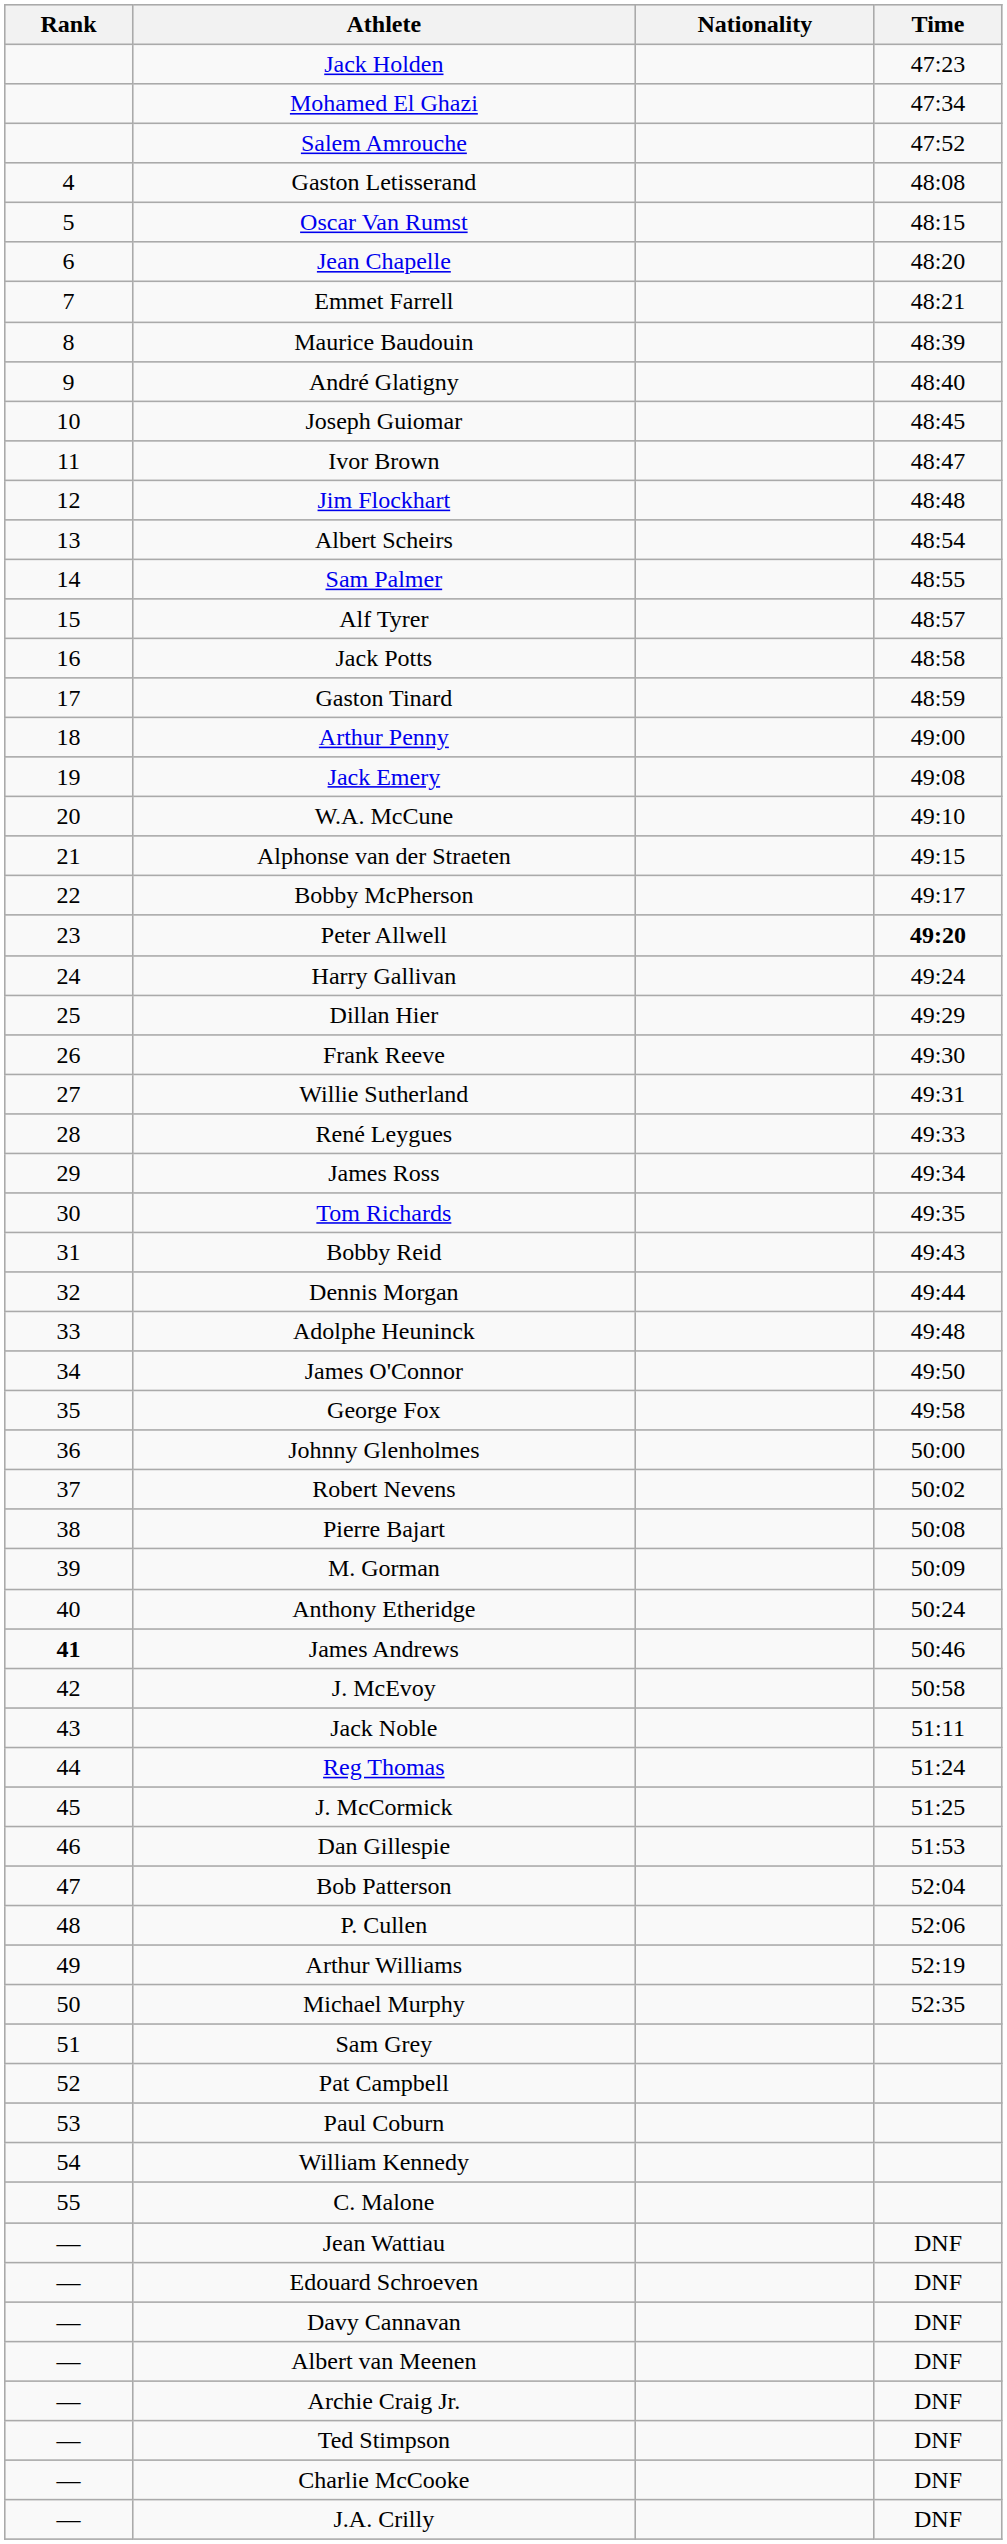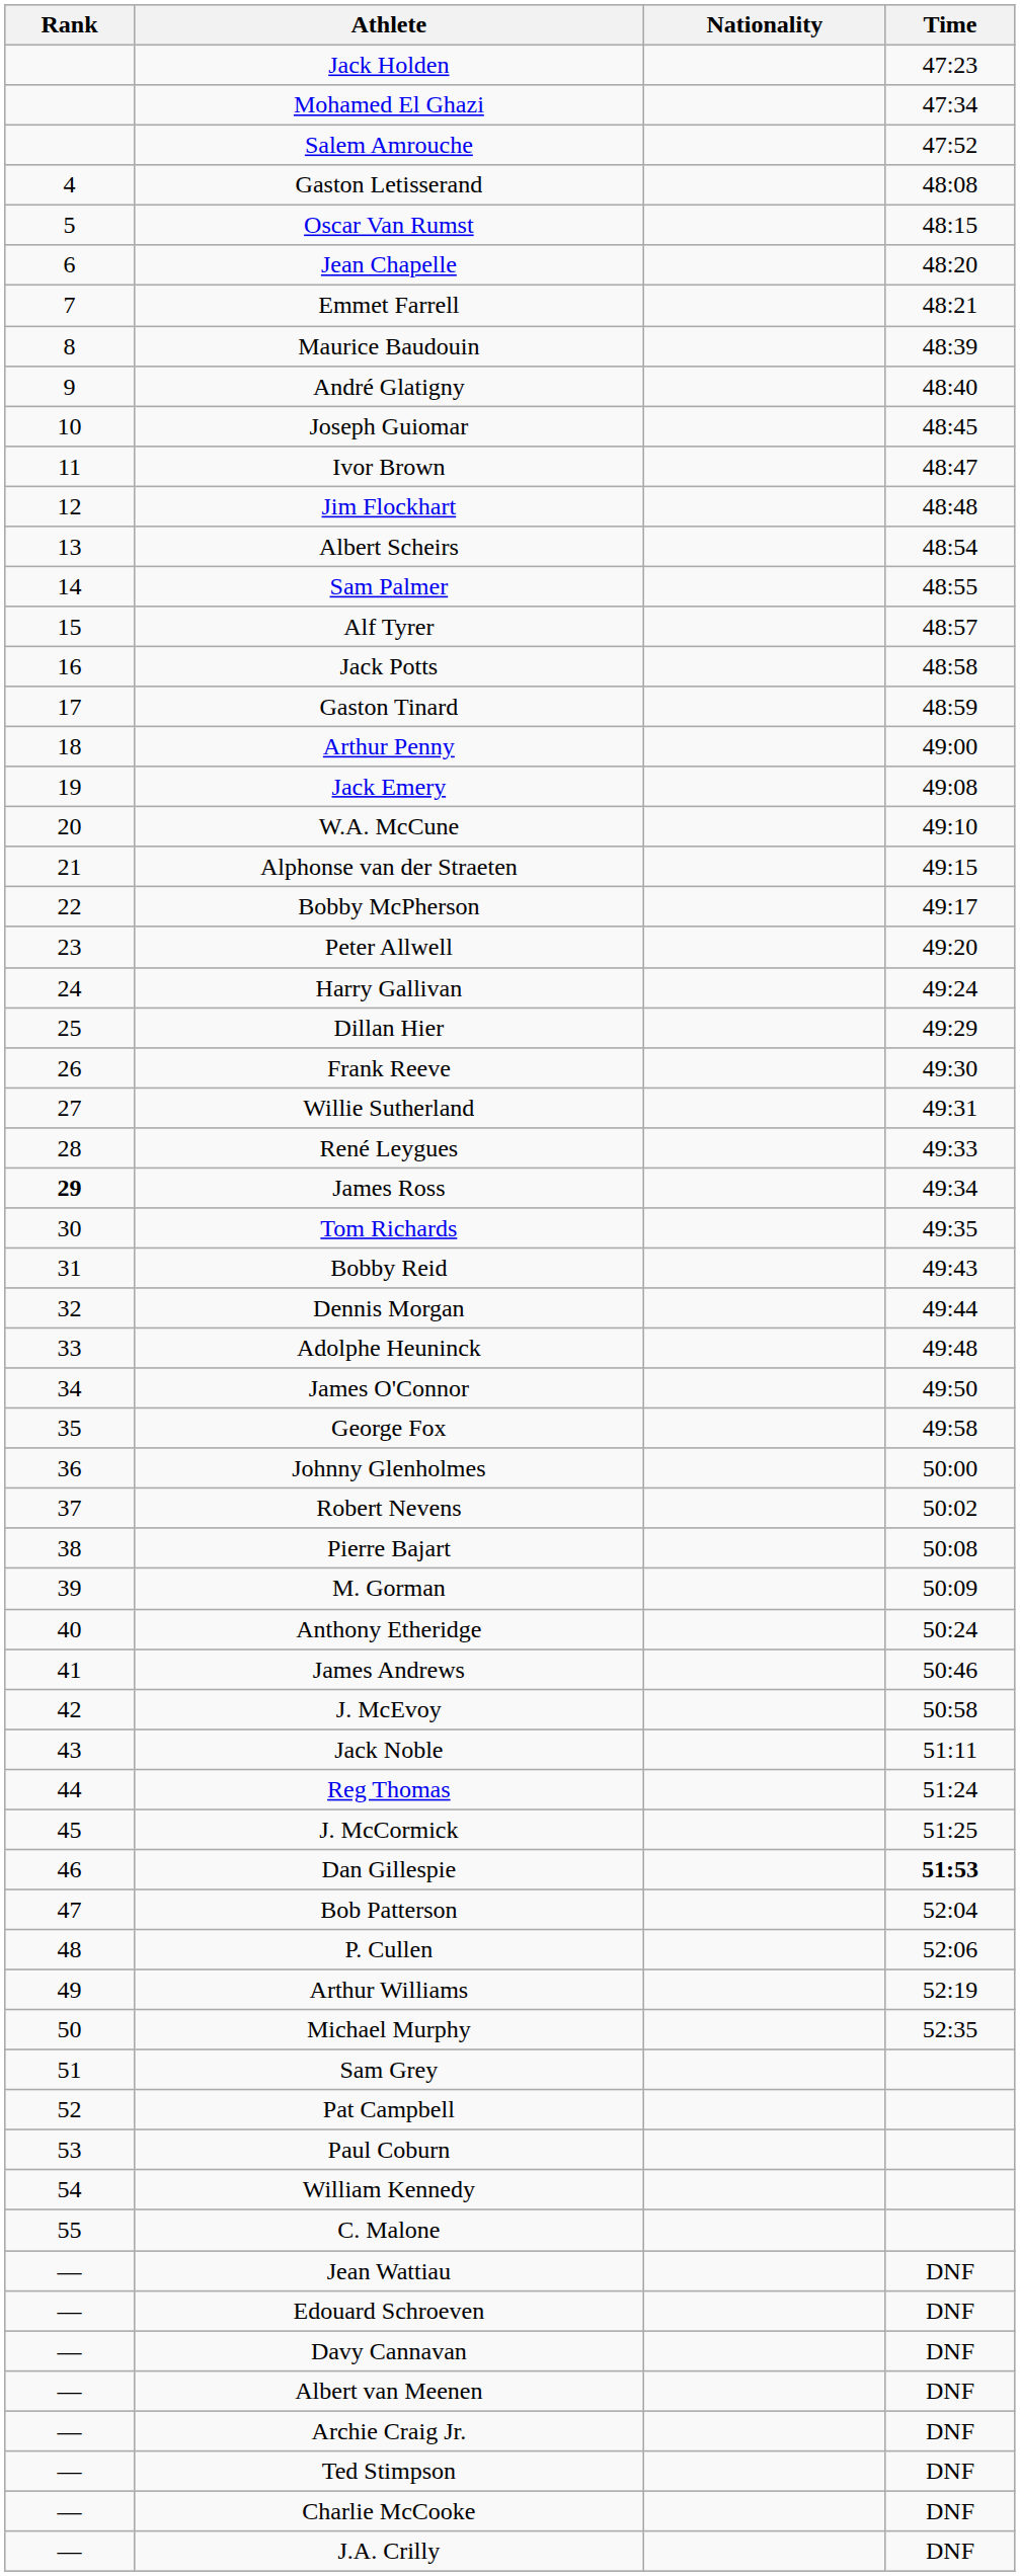 <table class="wikitable sortable" style=" text-align:center; font-size:95%;" width="50%">
 <tr>
 <th>Rank</th>
 <th>Athlete</th>
 <th>Nationality</th>
 <th>Time</th>
 </tr>
 <tr>
 <td align=center></td>
 <td><a href='#'>Jack Holden</a></td>
 <td></td>
 <td>47:23</td>
 </tr>
 <tr>
 <td align=center></td>
 <td><a href='#'>Mohamed El Ghazi</a></td>
 <td></td>
 <td>47:34</td>
 </tr>
 <tr>
 <td align=center></td>
 <td><a href='#'>Salem Amrouche</a></td>
 <td></td>
 <td>47:52</td>
 </tr>
 <tr>
 <td align=center>4</td>
 <td>Gaston Letisserand</td>
 <td></td>
 <td>48:08</td>
 </tr>
 <tr>
 <td align=center>5</td>
 <td><a href='#'>Oscar Van Rumst</a></td>
 <td></td>
 <td>48:15</td>
 </tr>
 <tr>
 <td align=center>6</td>
 <td><a href='#'>Jean Chapelle</a></td>
 <td></td>
 <td>48:20</td>
 </tr>
 <tr>
 <td align=center>7</td>
 <td>Emmet Farrell</td>
 <td></td>
 <td>48:21</td>
 </tr>
 <tr>
 <td align=center>8</td>
 <td>Maurice Baudouin</td>
 <td></td>
 <td>48:39</td>
 </tr>
 <tr>
 <td align=center>9</td>
 <td>André Glatigny</td>
 <td></td>
 <td>48:40</td>
 </tr>
 <tr>
 <td align=center>10</td>
 <td>Joseph Guiomar</td>
 <td></td>
 <td>48:45</td>
 </tr>
 <tr>
 <td align=center>11</td>
 <td>Ivor Brown</td>
 <td></td>
 <td>48:47</td>
 </tr>
 <tr>
 <td align=center>12</td>
 <td><a href='#'>Jim Flockhart</a></td>
 <td></td>
 <td>48:48</td>
 </tr>
 <tr>
 <td align=center>13</td>
 <td>Albert Scheirs</td>
 <td></td>
 <td>48:54</td>
 </tr>
 <tr>
 <td align=center>14</td>
 <td><a href='#'>Sam Palmer</a></td>
 <td></td>
 <td>48:55</td>
 </tr>
 <tr>
 <td align=center>15</td>
 <td>Alf Tyrer</td>
 <td></td>
 <td>48:57</td>
 </tr>
 <tr>
 <td align=center>16</td>
 <td>Jack Potts</td>
 <td></td>
 <td>48:58</td>
 </tr>
 <tr>
 <td align=center>17</td>
 <td>Gaston Tinard</td>
 <td></td>
 <td>48:59</td>
 </tr>
 <tr>
 <td align=center>18</td>
 <td><a href='#'>Arthur Penny</a></td>
 <td></td>
 <td>49:00</td>
 </tr>
 <tr>
 <td align=center>19</td>
 <td><a href='#'>Jack Emery</a></td>
 <td></td>
 <td>49:08</td>
 </tr>
 <tr>
 <td align=center>20</td>
 <td>W.A. McCune</td>
 <td></td>
 <td>49:10</td>
 </tr>
 <tr>
 <td align=center>21</td>
 <td>Alphonse van der Straeten</td>
 <td></td>
 <td>49:15</td>
 </tr>
 <tr>
 <td align=center>22</td>
 <td>Bobby McPherson</td>
 <td></td>
 <td>49:17</td>
 </tr>
 <tr>
 <td align=center>23</td>
 <td>Peter Allwell</td>
 <td></td>
-<td><strong>49:20</strong></td>
+<td>49:20</td>
 </tr>
 <tr>
 <td align=center>24</td>
 <td>Harry Gallivan</td>
 <td></td>
 <td>49:24</td>
 </tr>
 <tr>
 <td align=center>25</td>
 <td>Dillan Hier</td>
 <td></td>
 <td>49:29</td>
 </tr>
 <tr>
 <td align=center>26</td>
 <td>Frank Reeve</td>
 <td></td>
 <td>49:30</td>
 </tr>
 <tr>
 <td align=center>27</td>
 <td>Willie Sutherland</td>
 <td></td>
 <td>49:31</td>
 </tr>
 <tr>
 <td align=center>28</td>
 <td>René Leygues</td>
 <td></td>
 <td>49:33</td>
 </tr>
 <tr>
-<td align=center>29</td>
+<td align=center><strong>29</strong></td>
 <td>James Ross</td>
 <td></td>
 <td>49:34</td>
 </tr>
 <tr>
 <td align=center>30</td>
 <td><a href='#'>Tom Richards</a></td>
 <td></td>
 <td>49:35</td>
 </tr>
 <tr>
 <td align=center>31</td>
 <td>Bobby Reid</td>
 <td></td>
 <td>49:43</td>
 </tr>
 <tr>
 <td align=center>32</td>
 <td>Dennis Morgan</td>
 <td></td>
 <td>49:44</td>
 </tr>
 <tr>
 <td align=center>33</td>
 <td>Adolphe Heuninck</td>
 <td></td>
 <td>49:48</td>
 </tr>
 <tr>
 <td align=center>34</td>
 <td>James O'Connor</td>
 <td></td>
 <td>49:50</td>
 </tr>
 <tr>
 <td align=center>35</td>
 <td>George Fox</td>
 <td></td>
 <td>49:58</td>
 </tr>
 <tr>
 <td align=center>36</td>
 <td>Johnny Glenholmes</td>
 <td></td>
 <td>50:00</td>
 </tr>
 <tr>
 <td align=center>37</td>
 <td>Robert Nevens</td>
 <td></td>
 <td>50:02</td>
 </tr>
 <tr>
 <td align=center>38</td>
 <td>Pierre Bajart</td>
 <td></td>
 <td>50:08</td>
 </tr>
 <tr>
 <td align=center>39</td>
 <td>M. Gorman</td>
 <td></td>
 <td>50:09</td>
 </tr>
 <tr>
 <td align=center>40</td>
 <td>Anthony Etheridge</td>
 <td></td>
 <td>50:24</td>
 </tr>
 <tr>
-<td align=center><strong>41</strong></td>
+<td align=center>41</td>
 <td>James Andrews</td>
 <td></td>
 <td>50:46</td>
 </tr>
 <tr>
 <td align=center>42</td>
 <td>J. McEvoy</td>
 <td></td>
 <td>50:58</td>
 </tr>
 <tr>
 <td align=center>43</td>
 <td>Jack Noble</td>
 <td></td>
 <td>51:11</td>
 </tr>
 <tr>
 <td align=center>44</td>
 <td><a href='#'>Reg Thomas</a></td>
 <td></td>
 <td>51:24</td>
 </tr>
 <tr>
 <td align=center>45</td>
 <td>J. McCormick</td>
 <td></td>
 <td>51:25</td>
 </tr>
 <tr>
 <td align=center>46</td>
 <td>Dan Gillespie</td>
 <td></td>
-<td>51:53</td>
+<td><strong>51:53</strong></td>
 </tr>
 <tr>
 <td align=center>47</td>
 <td>Bob Patterson</td>
 <td></td>
 <td>52:04</td>
 </tr>
 <tr>
 <td align=center>48</td>
 <td>P. Cullen</td>
 <td></td>
 <td>52:06</td>
 </tr>
 <tr>
 <td align=center>49</td>
 <td>Arthur Williams</td>
 <td></td>
 <td>52:19</td>
 </tr>
 <tr>
 <td align=center>50</td>
 <td>Michael Murphy</td>
 <td></td>
 <td>52:35</td>
 </tr>
 <tr>
 <td align=center>51</td>
 <td>Sam Grey</td>
 <td></td>
 <td></td>
 </tr>
 <tr>
 <td align=center>52</td>
 <td>Pat Campbell</td>
 <td></td>
 <td></td>
 </tr>
 <tr>
 <td align=center>53</td>
 <td>Paul Coburn</td>
 <td></td>
 <td></td>
 </tr>
 <tr>
 <td align=center>54</td>
 <td>William Kennedy</td>
 <td></td>
 <td></td>
 </tr>
 <tr>
 <td align=center>55</td>
 <td>C. Malone</td>
 <td></td>
 <td></td>
 </tr>
 <tr>
 <td align=center>—</td>
 <td>Jean Wattiau</td>
 <td></td>
 <td>DNF</td>
 </tr>
 <tr>
 <td align=center>—</td>
 <td>Edouard Schroeven</td>
 <td></td>
 <td>DNF</td>
 </tr>
 <tr>
 <td align=center>—</td>
 <td>Davy Cannavan</td>
 <td></td>
 <td>DNF</td>
 </tr>
 <tr>
 <td align=center>—</td>
 <td>Albert van Meenen</td>
 <td></td>
 <td>DNF</td>
 </tr>
 <tr>
 <td align=center>—</td>
 <td>Archie Craig Jr.</td>
 <td></td>
 <td>DNF</td>
 </tr>
 <tr>
 <td align=center>—</td>
 <td>Ted Stimpson</td>
 <td></td>
 <td>DNF</td>
 </tr>
 <tr>
 <td align=center>—</td>
 <td>Charlie McCooke</td>
 <td></td>
 <td>DNF</td>
 </tr>
 <tr>
 <td align=center>—</td>
 <td>J.A. Crilly</td>
 <td></td>
 <td>DNF</td>
 </tr>
 </table>
